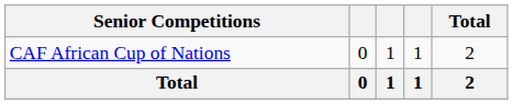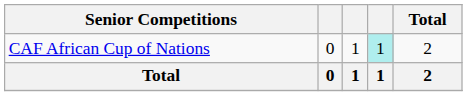 <table class="wikitable" style="width:30%; font-size:90%; text-align:center">
 <tr>
 <th>Senior Competitions</th>
 <th></th>
 <th></th>
 <th></th>
 <th>Total</th>
 </tr>
 <tr>
 <td align=left><a href='#'>CAF African Cup of Nations</a></td>
 <td>0</td>
 <td>1</td>
-<td>1</td>
+<td style="background: paleturquoise;">1</td>
 <td>2</td>
 </tr>
 <tr>
 <th>Total</th>
 <th>0</th>
 <th>1</th>
 <th>1</th>
 <th>2</th>
 </tr>
 <tr>
 </tr>
 </table>
